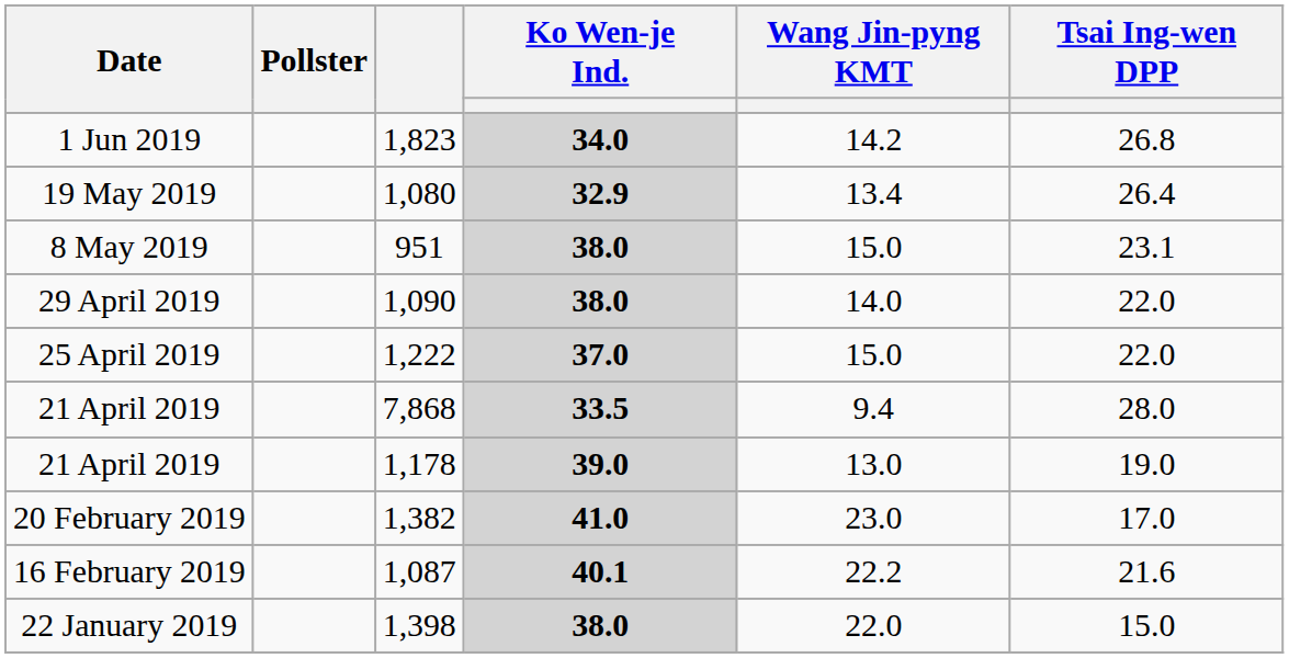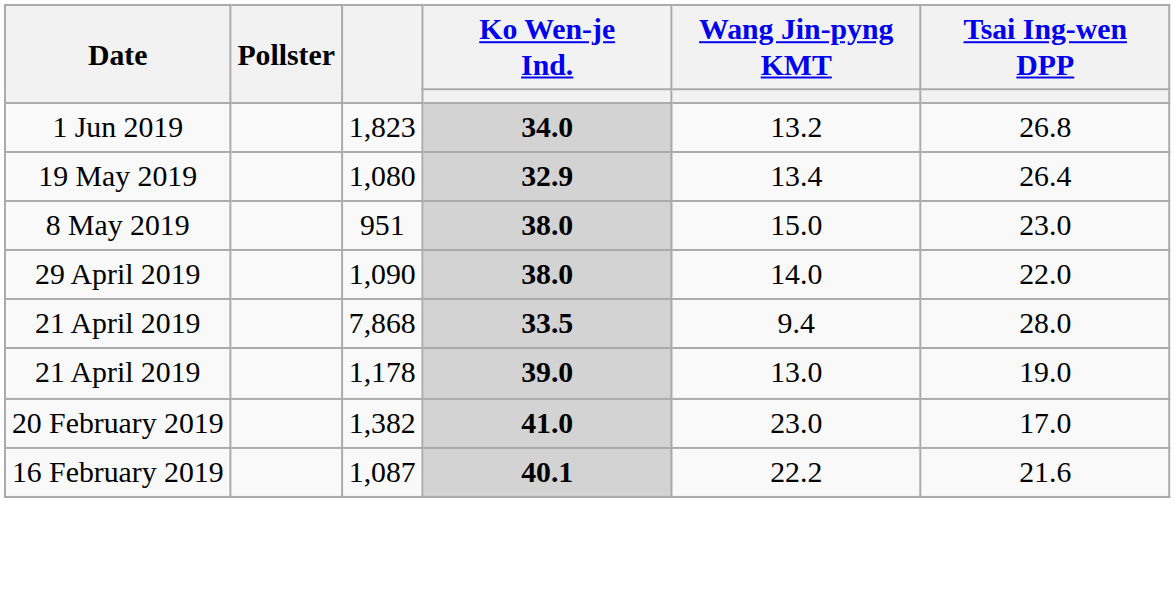 <table class="wikitable sortable collapsible" style="font-size:95%; text-align:center">
 <tr>
 <th rowspan=2>Date</th>
 <th rowspan=2>Pollster</th>
 <th rowspan=2></th>
 <th width=120px><a href='#'>Ko Wen-je</a><br><a href='#'>Ind.</a></th>
 <th width=120px><a href='#'>Wang Jin-pyng</a><br><a href='#'>KMT</a></th>
 <th width=120px><a href='#'>Tsai Ing-wen</a><br><a href='#'>DPP</a></th>
 </tr>
 <tr>
 <th style="background:"></th>
 <th style="background:"></th>
 <th style="background:"></th>
 </tr>
 <tr>
 <td>1 Jun 2019</td>
 <td></td>
 <td>1,823</td>
 <td style="background-color:lightgrey;"><strong>34.0</strong></td>
-<td>14.2</td>
+<td>13.2</td>
 <td>26.8</td>
 </tr>
 <tr>
 <td>19 May 2019</td>
 <td></td>
 <td>1,080</td>
 <td style="background-color:lightgrey;"><strong>32.9</strong></td>
 <td>13.4</td>
 <td>26.4</td>
 </tr>
 <tr>
 <td>8 May 2019</td>
 <td></td>
 <td>951</td>
 <td style="background-color:lightgrey;"><strong>38.0</strong></td>
 <td>15.0</td>
-<td>23.1</td>
+<td>23.0</td>
 </tr>
 <tr>
 <td>29 April 2019</td>
 <td></td>
 <td>1,090</td>
 <td style="background-color:lightgrey;"><strong>38.0</strong></td>
 <td>14.0</td>
-<td>22.0</td>
-</tr>
-<tr>
-<td>25 April 2019</td>
-<td></td>
-<td>1,222</td>
-<td style="background-color:lightgrey;"><strong>37.0</strong></td>
-<td>15.0</td>
 <td>22.0</td>
 </tr>
 <tr>
 <td>21 April 2019</td>
 <td></td>
 <td>7,868</td>
 <td style="background-color:lightgrey;"><strong>33.5</strong></td>
 <td>9.4</td>
 <td>28.0</td>
 </tr>
 <tr>
 <td>21 April 2019</td>
 <td></td>
 <td>1,178</td>
 <td style="background-color:lightgrey;"><strong>39.0</strong></td>
 <td>13.0</td>
 <td>19.0</td>
 </tr>
 <tr>
 <td>20 February 2019</td>
 <td></td>
 <td>1,382</td>
 <td style="background-color:lightgrey;"><strong>41.0</strong></td>
 <td>23.0</td>
 <td>17.0</td>
 </tr>
 <tr>
 <td>16 February 2019</td>
 <td></td>
 <td>1,087</td>
 <td style="background-color:lightgrey;"><strong>40.1</strong></td>
 <td>22.2</td>
 <td>21.6</td>
 </tr>
 <tr>
-<td>22 January 2019</td>
-<td></td>
-<td>1,398</td>
-<td style="background-color:lightgrey;"><strong>38.0</strong></td>
-<td>22.0</td>
-<td>15.0</td>
-</tr>
-<tr>
 </tr>
 </table>
